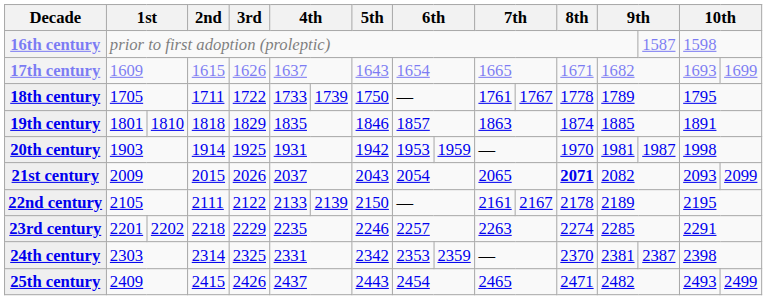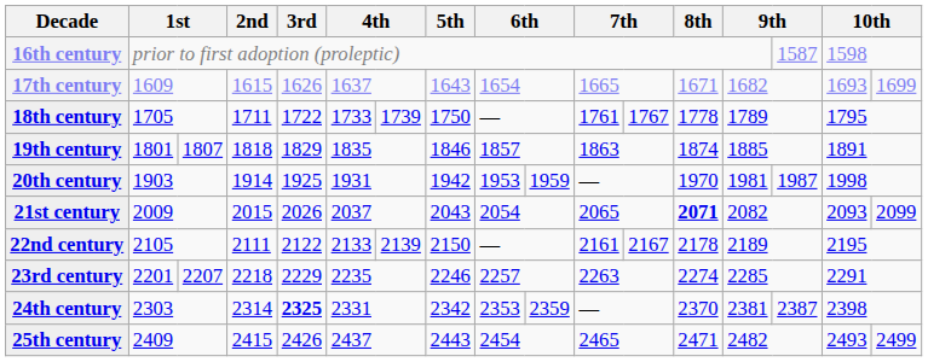 <table class="wikitable">
 <tr>
 <th scope=row>Decade</th>
 <th colspan=2>1st</th>
 <th>2nd</th>
 <th>3rd</th>
 <th colspan=2>4th</th>
 <th>5th</th>
 <th colspan=2>6th</th>
 <th colspan=2>7th</th>
 <th>8th</th>
 <th colspan=2>9th</th>
 <th colspan=2>10th</th>
 </tr>
 <tr style="opacity: 0.5;">
 <th style="background-color:#efefef;"><a href='#'>16th century</a></th>
 <td colspan=13><em>prior to first adoption (proleptic)</em></td>
 <td><a href='#'>1587</a></td>
 <td colspan=2><a href='#'>1598</a></td>
 </tr>
 <tr style="opacity: 0.5;">
 <th style="background-color:#efefef;"><a href='#'>17th century</a></th>
 <td colspan=2><a href='#'>1609</a></td>
 <td><a href='#'>1615</a></td>
 <td><a href='#'>1626</a></td>
 <td colspan=2><a href='#'>1637</a></td>
 <td><a href='#'>1643</a></td>
 <td colspan=2><a href='#'>1654</a></td>
 <td colspan=2><a href='#'>1665</a></td>
 <td><a href='#'>1671</a></td>
 <td colspan=2><a href='#'>1682</a></td>
 <td><a href='#'>1693</a></td>
 <td><a href='#'>1699</a></td>
 </tr>
 <tr>
 <th style="background-color:#efefef;"><a href='#'>18th century</a></th>
 <td colspan=2><a href='#'>1705</a></td>
 <td><a href='#'>1711</a></td>
 <td><a href='#'>1722</a></td>
 <td><a href='#'>1733</a></td>
 <td><a href='#'>1739</a></td>
 <td><a href='#'>1750</a></td>
 <td colspan=2>—</td>
 <td><a href='#'>1761</a></td>
 <td><a href='#'>1767</a></td>
 <td><a href='#'>1778</a></td>
 <td colspan=2><a href='#'>1789</a></td>
 <td colspan=2><a href='#'>1795</a></td>
 </tr>
 <tr>
 <th style="background-color:#efefef;"><a href='#'>19th century</a></th>
 <td><a href='#'>1801</a></td>
-<td><a href='#'>1810</a></td>
+<td><a href='#'>1807</a></td>
 <td><a href='#'>1818</a></td>
 <td><a href='#'>1829</a></td>
 <td colspan=2><a href='#'>1835</a></td>
 <td><a href='#'>1846</a></td>
 <td colspan=2><a href='#'>1857</a></td>
 <td colspan=2><a href='#'>1863</a></td>
 <td><a href='#'>1874</a></td>
 <td colspan=2><a href='#'>1885</a></td>
 <td colspan=2><a href='#'>1891</a></td>
 </tr>
 <tr>
 <th style="background-color:#efefef;"><a href='#'>20th century</a></th>
 <td colspan=2><a href='#'>1903</a></td>
 <td><a href='#'>1914</a></td>
 <td><a href='#'>1925</a></td>
 <td colspan=2><a href='#'>1931</a></td>
 <td><a href='#'>1942</a></td>
 <td><a href='#'>1953</a></td>
 <td><a href='#'>1959</a></td>
 <td colspan=2>—</td>
 <td><a href='#'>1970</a></td>
 <td><a href='#'>1981</a></td>
 <td><a href='#'>1987</a></td>
 <td colspan=2><a href='#'>1998</a></td>
 </tr>
 <tr>
 <th style="background-color:#efefef;"><a href='#'>21st century</a></th>
 <td colspan=2><a href='#'>2009</a></td>
 <td><a href='#'>2015</a></td>
 <td><a href='#'>2026</a></td>
 <td colspan=2><a href='#'>2037</a></td>
 <td><a href='#'>2043</a></td>
 <td colspan=2><a href='#'>2054</a></td>
 <td colspan=2><a href='#'>2065</a></td>
 <td><strong><a href='#'>2071</a></strong></td>
 <td colspan=2><a href='#'>2082</a></td>
 <td><a href='#'>2093</a></td>
 <td><a href='#'>2099</a></td>
 </tr>
 <tr>
 <th style="background-color:#efefef;"><a href='#'>22nd century</a></th>
 <td colspan=2><a href='#'>2105</a></td>
 <td><a href='#'>2111</a></td>
 <td><a href='#'>2122</a></td>
 <td><a href='#'>2133</a></td>
 <td><a href='#'>2139</a></td>
 <td><a href='#'>2150</a></td>
 <td colspan=2>—</td>
 <td><a href='#'>2161</a></td>
 <td><a href='#'>2167</a></td>
 <td><a href='#'>2178</a></td>
 <td colspan=2><a href='#'>2189</a></td>
 <td colspan=2><a href='#'>2195</a></td>
 </tr>
 <tr>
 <th style="background-color:#efefef;"><a href='#'>23rd century</a></th>
 <td><a href='#'>2201</a></td>
-<td><a href='#'>2202</a></td>
+<td><a href='#'>2207</a></td>
 <td><a href='#'>2218</a></td>
 <td><a href='#'>2229</a></td>
 <td colspan=2><a href='#'>2235</a></td>
 <td><a href='#'>2246</a></td>
 <td colspan=2><a href='#'>2257</a></td>
 <td colspan=2><a href='#'>2263</a></td>
 <td><a href='#'>2274</a></td>
 <td colspan=2><a href='#'>2285</a></td>
 <td colspan=2><a href='#'>2291</a></td>
 </tr>
 <tr>
 <th style="background-color:#efefef;"><a href='#'>24th century</a></th>
 <td colspan=2><a href='#'>2303</a></td>
 <td><a href='#'>2314</a></td>
-<td><a href='#'>2325</a></td>
+<td><strong><a href='#'>2325</a></strong></td>
 <td colspan=2><a href='#'>2331</a></td>
 <td><a href='#'>2342</a></td>
 <td><a href='#'>2353</a></td>
 <td><a href='#'>2359</a></td>
 <td colspan=2>—</td>
 <td><a href='#'>2370</a></td>
 <td><a href='#'>2381</a></td>
 <td><a href='#'>2387</a></td>
 <td colspan=2><a href='#'>2398</a></td>
 </tr>
 <tr>
 <th style="background-color:#efefef;"><a href='#'>25th century</a></th>
 <td colspan=2><a href='#'>2409</a></td>
 <td><a href='#'>2415</a></td>
 <td><a href='#'>2426</a></td>
 <td colspan=2><a href='#'>2437</a></td>
 <td><a href='#'>2443</a></td>
 <td colspan=2><a href='#'>2454</a></td>
 <td colspan=2><a href='#'>2465</a></td>
 <td><a href='#'>2471</a></td>
 <td colspan=2><a href='#'>2482</a></td>
 <td><a href='#'>2493</a></td>
 <td><a href='#'>2499</a></td>
 </tr>
 </table>
